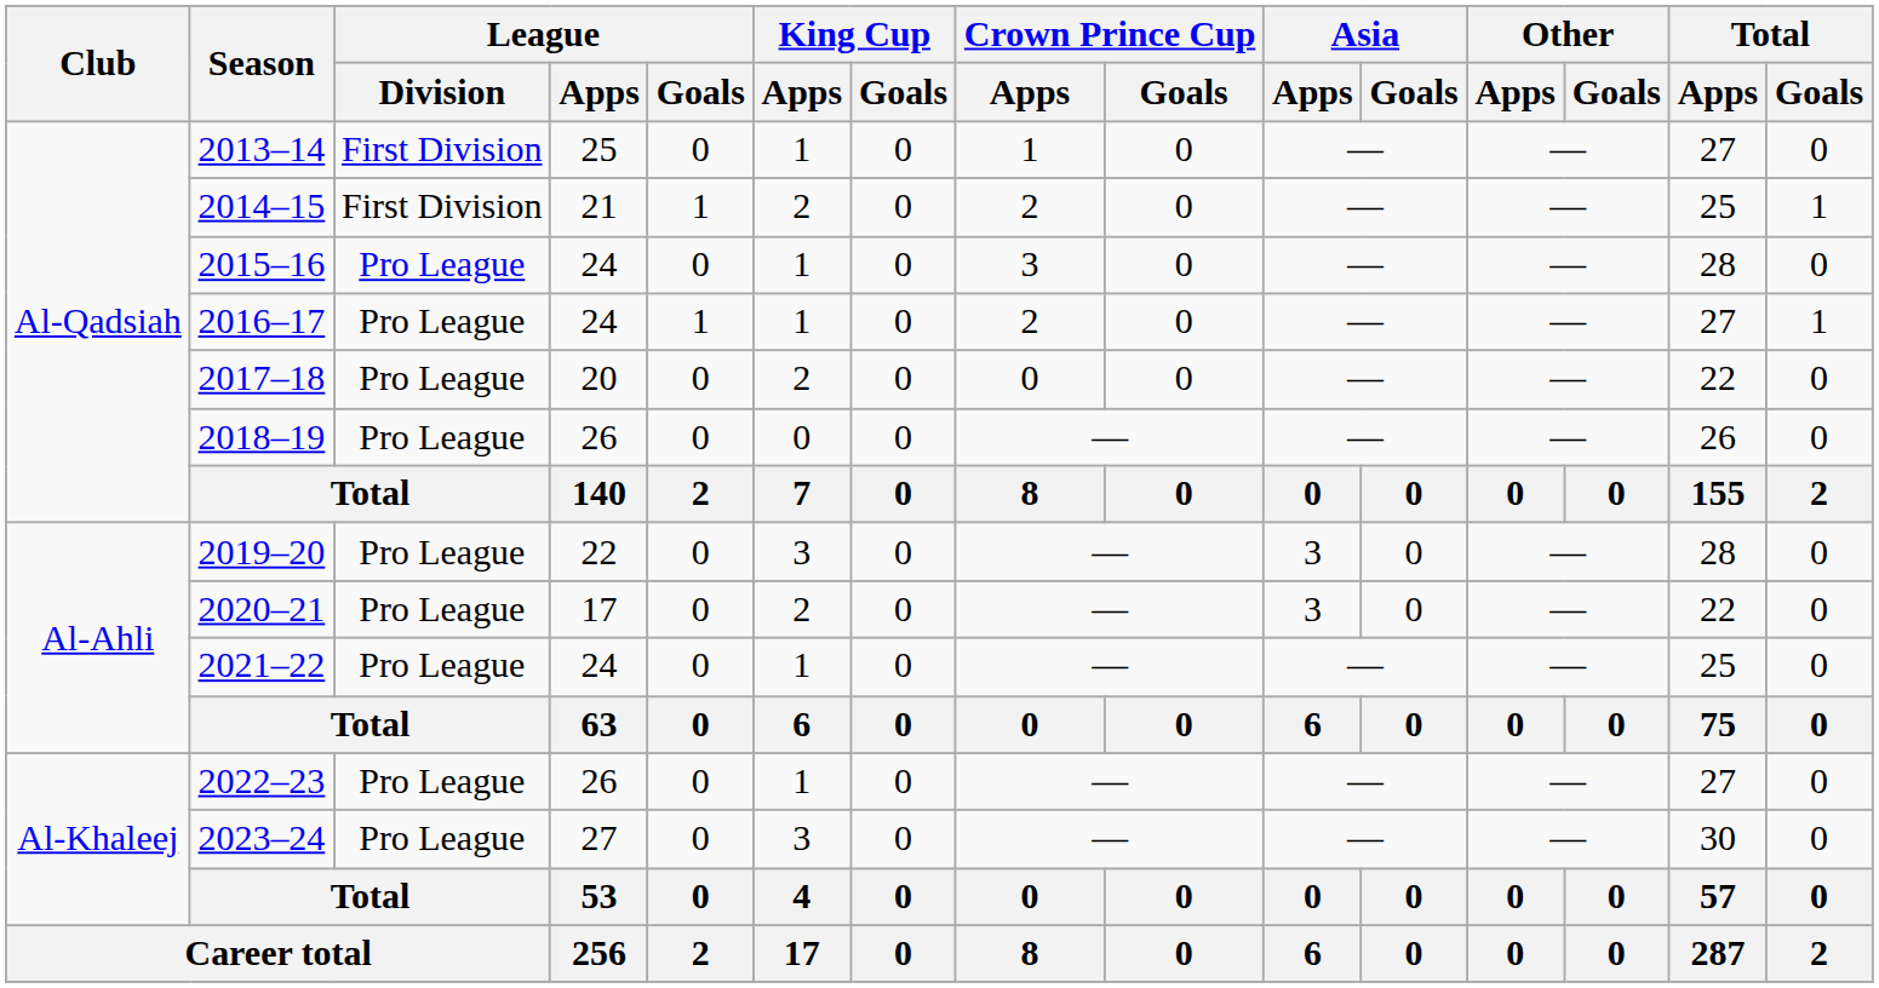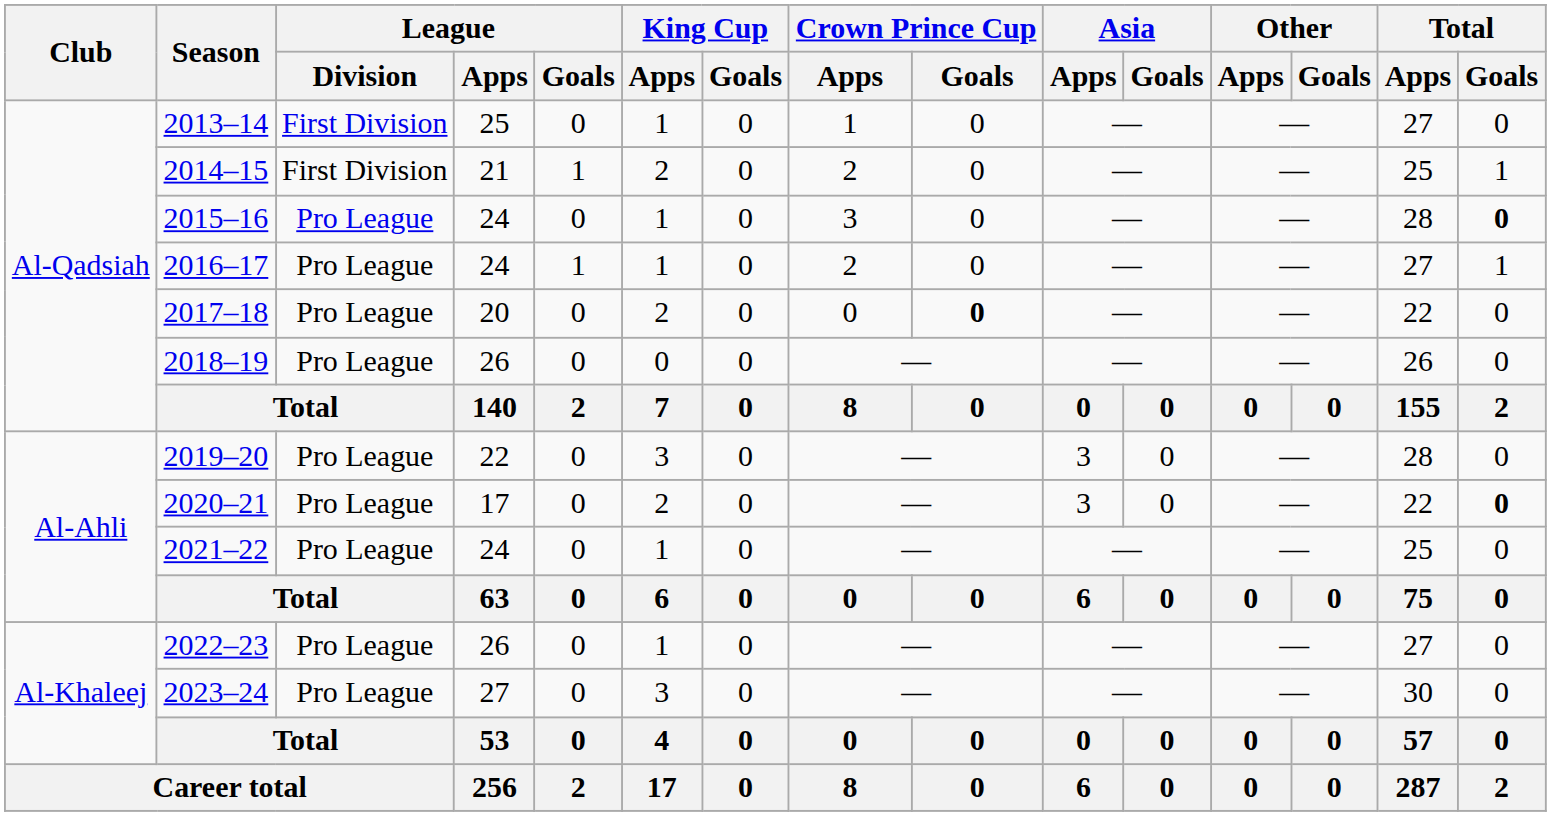 <table class=wikitable style=text-align:center>
 <tr>
 <th rowspan="2">Club</th>
 <th rowspan="2">Season</th>
 <th colspan="3">League</th>
 <th colspan="2"><a href='#'>King Cup</a></th>
 <th colspan="2"><a href='#'>Crown Prince Cup</a></th>
 <th colspan="2"><a href='#'>Asia</a></th>
 <th colspan="2">Other</th>
 <th colspan="2">Total</th>
 </tr>
 <tr>
 <th>Division</th>
 <th>Apps</th>
 <th>Goals</th>
 <th>Apps</th>
 <th>Goals</th>
 <th>Apps</th>
 <th>Goals</th>
 <th>Apps</th>
 <th>Goals</th>
 <th>Apps</th>
 <th>Goals</th>
 <th>Apps</th>
 <th>Goals</th>
 </tr>
 <tr>
 <td rowspan="7"><a href='#'>Al-Qadsiah</a></td>
 <td><a href='#'>2013–14</a></td>
 <td><a href='#'>First Division</a></td>
 <td>25</td>
 <td>0</td>
 <td>1</td>
 <td>0</td>
 <td>1</td>
 <td>0</td>
 <td colspan="2">—</td>
 <td colspan="2">—</td>
 <td>27</td>
 <td>0</td>
 </tr>
 <tr>
 <td><a href='#'>2014–15</a></td>
 <td>First Division</td>
 <td>21</td>
 <td>1</td>
 <td>2</td>
 <td>0</td>
 <td>2</td>
 <td>0</td>
 <td colspan="2">—</td>
 <td colspan="2">—</td>
 <td>25</td>
 <td>1</td>
 </tr>
 <tr>
 <td><a href='#'>2015–16</a></td>
 <td><a href='#'>Pro League</a></td>
 <td>24</td>
 <td>0</td>
 <td>1</td>
 <td>0</td>
 <td>3</td>
 <td>0</td>
 <td colspan="2">—</td>
 <td colspan="2">—</td>
 <td>28</td>
-<td>0</td>
+<td><strong>0</strong></td>
 </tr>
 <tr>
 <td><a href='#'>2016–17</a></td>
 <td>Pro League</td>
 <td>24</td>
 <td>1</td>
 <td>1</td>
 <td>0</td>
 <td>2</td>
 <td>0</td>
 <td colspan="2">—</td>
 <td colspan="2">—</td>
 <td>27</td>
 <td>1</td>
 </tr>
 <tr>
 <td><a href='#'>2017–18</a></td>
 <td>Pro League</td>
 <td>20</td>
 <td>0</td>
 <td>2</td>
 <td>0</td>
 <td>0</td>
-<td>0</td>
+<td><strong>0</strong></td>
 <td colspan="2">—</td>
 <td colspan="2">—</td>
 <td>22</td>
 <td>0</td>
 </tr>
 <tr>
 <td><a href='#'>2018–19</a></td>
 <td>Pro League</td>
 <td>26</td>
 <td>0</td>
 <td>0</td>
 <td>0</td>
 <td colspan="2">—</td>
 <td colspan="2">—</td>
 <td colspan="2">—</td>
 <td>26</td>
 <td>0</td>
 </tr>
 <tr>
 <th colspan="2">Total</th>
 <th>140</th>
 <th>2</th>
 <th>7</th>
 <th>0</th>
 <th>8</th>
 <th>0</th>
 <th>0</th>
 <th>0</th>
 <th>0</th>
 <th>0</th>
 <th>155</th>
 <th>2</th>
 </tr>
 <tr>
 <td rowspan="4"><a href='#'>Al-Ahli</a></td>
 <td><a href='#'>2019–20</a></td>
 <td>Pro League</td>
 <td>22</td>
 <td>0</td>
 <td>3</td>
 <td>0</td>
 <td colspan="2">—</td>
 <td>3</td>
 <td>0</td>
 <td colspan="2">—</td>
 <td>28</td>
 <td>0</td>
 </tr>
 <tr>
 <td><a href='#'>2020–21</a></td>
 <td>Pro League</td>
 <td>17</td>
 <td>0</td>
 <td>2</td>
 <td>0</td>
 <td colspan="2">—</td>
 <td>3</td>
 <td>0</td>
 <td colspan="2">—</td>
 <td>22</td>
-<td>0</td>
+<td><strong>0</strong></td>
 </tr>
 <tr>
 <td><a href='#'>2021–22</a></td>
 <td>Pro League</td>
 <td>24</td>
 <td>0</td>
 <td>1</td>
 <td>0</td>
 <td colspan="2">—</td>
 <td colspan="2">—</td>
 <td colspan="2">—</td>
 <td>25</td>
 <td>0</td>
 </tr>
 <tr>
 <th colspan="2">Total</th>
 <th>63</th>
 <th>0</th>
 <th>6</th>
 <th>0</th>
 <th>0</th>
 <th>0</th>
 <th>6</th>
 <th>0</th>
 <th>0</th>
 <th>0</th>
 <th>75</th>
 <th>0</th>
 </tr>
 <tr>
 <td rowspan="3"><a href='#'>Al-Khaleej</a></td>
 <td><a href='#'>2022–23</a></td>
 <td>Pro League</td>
 <td>26</td>
 <td>0</td>
 <td>1</td>
 <td>0</td>
 <td colspan="2">—</td>
 <td colspan="2">—</td>
 <td colspan="2">—</td>
 <td>27</td>
 <td>0</td>
 </tr>
 <tr>
 <td><a href='#'>2023–24</a></td>
 <td>Pro League</td>
 <td>27</td>
 <td>0</td>
 <td>3</td>
 <td>0</td>
 <td colspan="2">—</td>
 <td colspan="2">—</td>
 <td colspan="2">—</td>
 <td>30</td>
 <td>0</td>
 </tr>
 <tr>
 <th colspan="2">Total</th>
 <th>53</th>
 <th>0</th>
 <th>4</th>
 <th>0</th>
 <th>0</th>
 <th>0</th>
 <th>0</th>
 <th>0</th>
 <th>0</th>
 <th>0</th>
 <th>57</th>
 <th>0</th>
 </tr>
 <tr>
 <th colspan="3">Career total</th>
 <th>256</th>
 <th>2</th>
 <th>17</th>
 <th>0</th>
 <th>8</th>
 <th>0</th>
 <th>6</th>
 <th>0</th>
 <th>0</th>
 <th>0</th>
 <th>287</th>
 <th>2</th>
 </tr>
 </table>
